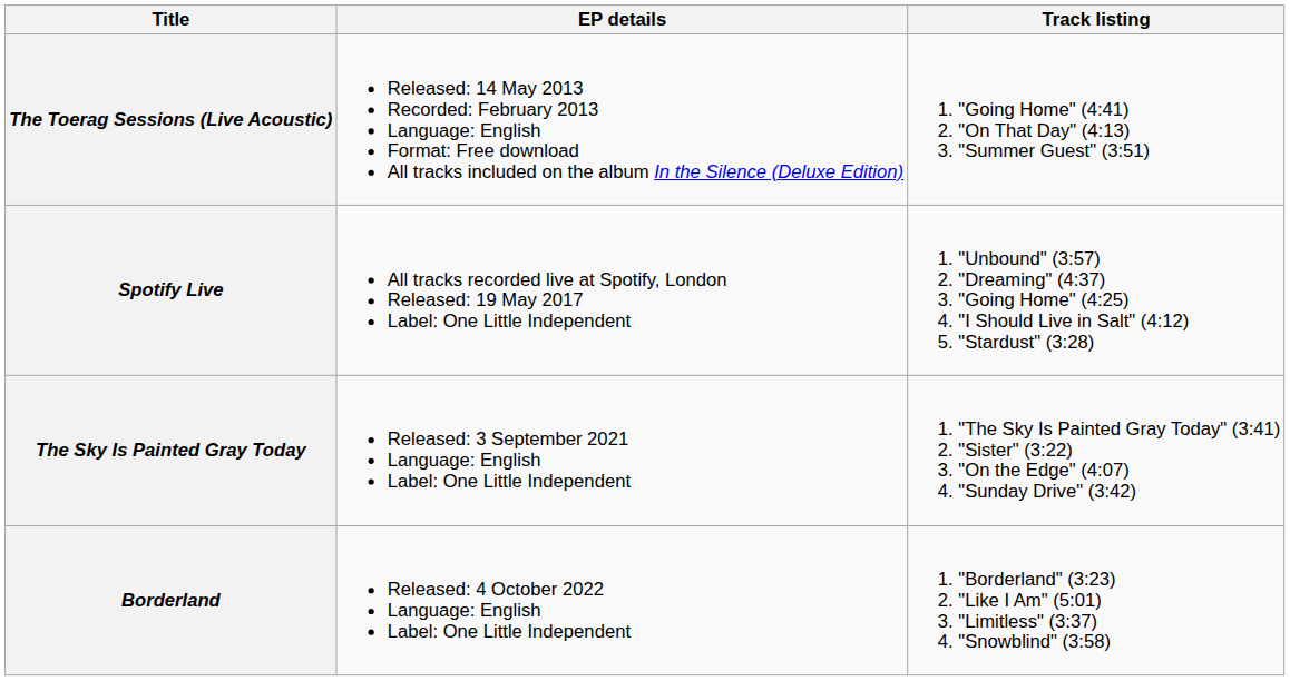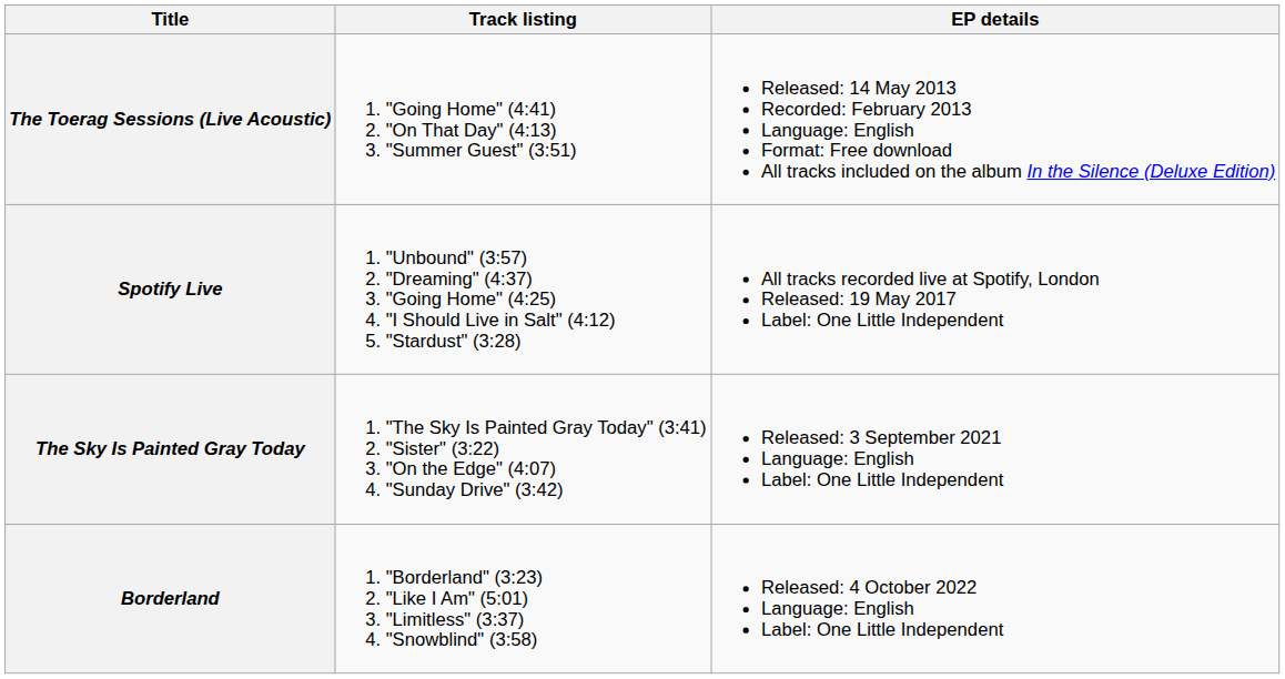 <table class="wikitable plainrowheaders">
 <tr>
 <th scope="col">Title</th>
+<th scope="col">Track listing</th>
 <th scope="col">EP details</th>
-<th scope="col">Track listing</th>
 </tr>
 <tr>
 <th scope="row"><em>The Toerag Sessions (Live Acoustic)</em></th>
+<td><br><ol><li>"Going Home" (4:41)</li><li>"On That Day" (4:13)</li><li>"Summer Guest" (3:51)</li></ol></td>
 <td><br><ul><li>Released: 14 May 2013</li><li>Recorded: February 2013</li><li>Language: English</li><li>Format: Free download</li><li>All tracks included on the album <em><a href='#'>In the Silence (Deluxe Edition)</a></em></li></ul></td>
-<td><br><ol><li>"Going Home" (4:41)</li><li>"On That Day" (4:13)</li><li>"Summer Guest" (3:51)</li></ol></td>
 </tr>
 <tr>
 <th scope="row"><em>Spotify Live</em></th>
+<td><br><ol><li>"Unbound" (3:57)</li><li>"Dreaming" (4:37)</li><li>"Going Home" (4:25)</li><li>"I Should Live in Salt" (4:12)</li><li>"Stardust" (3:28)</li></ol></td>
 <td><br><ul><li>All tracks recorded live at Spotify, London</li><li>Released: 19 May 2017</li><li>Label: One Little Independent</li></ul></td>
-<td><br><ol><li>"Unbound" (3:57)</li><li>"Dreaming" (4:37)</li><li>"Going Home" (4:25)</li><li>"I Should Live in Salt" (4:12)</li><li>"Stardust" (3:28)</li></ol></td>
 </tr>
 <tr>
 <th scope="row"><em>The Sky Is Painted Gray Today</em></th>
+<td><br><ol><li>"The Sky Is Painted Gray Today" (3:41)</li><li>"Sister" (3:22)</li><li>"On the Edge" (4:07)</li><li>"Sunday Drive" (3:42)</li></ol></td>
 <td><br><ul><li>Released: 3 September 2021</li><li>Language: English</li><li>Label: One Little Independent</li></ul></td>
-<td><br><ol><li>"The Sky Is Painted Gray Today" (3:41)</li><li>"Sister" (3:22)</li><li>"On the Edge" (4:07)</li><li>"Sunday Drive" (3:42)</li></ol></td>
 </tr>
 <tr>
 <th scope="row"><em>Borderland</em></th>
+<td><br><ol><li>"Borderland" (3:23)</li><li>"Like I Am" (5:01)</li><li>"Limitless" (3:37)</li><li>"Snowblind" (3:58)</li></ol></td>
 <td><br><ul><li>Released: 4 October 2022</li><li>Language: English</li><li>Label: One Little Independent</li></ul></td>
-<td><br><ol><li>"Borderland" (3:23)</li><li>"Like I Am" (5:01)</li><li>"Limitless" (3:37)</li><li>"Snowblind" (3:58)</li></ol></td>
 </tr>
 </table>
